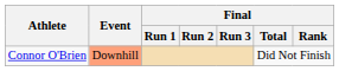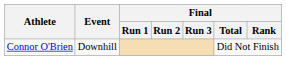 <table class="wikitable" style="font-size:90%">
 <tr>
 <th rowspan="2">Athlete</th>
 <th rowspan="2">Event</th>
 <th colspan="5">Final</th>
 </tr>
 <tr>
 <th>Run 1</th>
 <th>Run 2</th>
 <th>Run 3</th>
 <th>Total</th>
 <th>Rank</th>
 </tr>
 <tr>
 <td><a href='#'>Connor O'Brien</a></td>
-<td style="background: lightsalmon;">Downhill</td>
+<td>Downhill</td>
 <td colspan=3 bgcolor="wheat"></td>
 <td align="center" colspan=2>Did Not Finish</td>
 </tr>
 </table>
